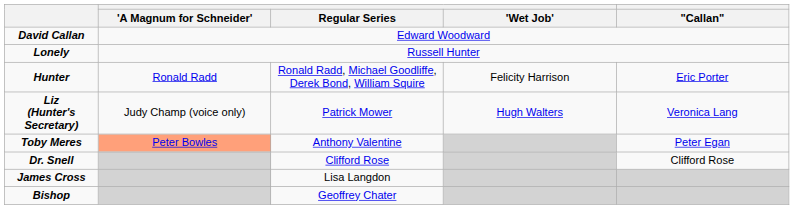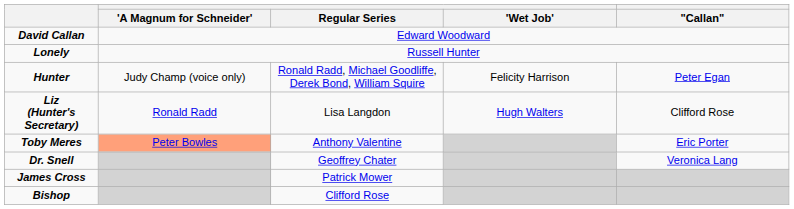 <table class="wikitable"  style="text-align:center; width:90%;">
 <tr>
 <th rowspan="2" width="12%"></th>
 <th colspan="3" align="center"></th>
 <th colspan="2" align="center"></th>
 </tr>
 <tr>
 <th align="center" width="22%">'A Magnum for Schneider'</th>
 <th align="center" width="22%">Regular Series</th>
 <th align="center" width="22%">'Wet Job'</th>
 <th align="center" width="22%">"Callan"</th>
 </tr>
 <tr>
 <td><strong><em>David Callan</em></strong></td>
 <td colspan="4"><a href='#'>Edward Woodward</a></td>
 </tr>
 <tr>
 <td><strong><em>Lonely</em></strong></td>
 <td colspan="4"><a href='#'>Russell Hunter</a></td>
 </tr>
 <tr>
 <td><strong><em>Hunter</em></strong></td>
-<td><a href='#'>Ronald Radd</a></td>
+<td>Judy Champ (voice only) </td>
 <td><a href='#'>Ronald Radd</a>, <a href='#'>Michael Goodliffe</a>, <a href='#'>Derek Bond</a>, <a href='#'>William Squire</a></td>
 <td>Felicity Harrison</td>
-<td><a href='#'>Eric Porter</a></td>
+<td><a href='#'>Peter Egan</a></td>
 </tr>
 <tr>
 <td><strong><em>Liz<br>(Hunter's Secretary)</em></strong></td>
-<td>Judy Champ (voice only) </td>
-<td><a href='#'>Patrick Mower</a></td>
+<td><a href='#'>Ronald Radd</a></td>
+<td>Lisa Langdon</td>
 <td><a href='#'>Hugh Walters</a></td>
-<td><a href='#'>Veronica Lang</a></td>
+<td>Clifford Rose</td>
 </tr>
 <tr>
 <td><strong><em>Toby Meres</em></strong></td>
 <td style="background: lightsalmon;"><a href='#'>Peter Bowles</a></td>
 <td><a href='#'>Anthony Valentine</a></td>
 <td style="background:lightgrey;"> </td>
-<td><a href='#'>Peter Egan</a></td>
+<td><a href='#'>Eric Porter</a></td>
 </tr>
 <tr>
 <td><strong><em>Dr. Snell</em></strong></td>
 <td style="background:lightgrey;"> </td>
-<td><a href='#'>Clifford Rose</a></td>
+<td><a href='#'>Geoffrey Chater</a></td>
 <td style="background:lightgrey;"> </td>
-<td>Clifford Rose</td>
+<td><a href='#'>Veronica Lang</a></td>
 </tr>
 <tr>
 <td><strong><em>James Cross</em></strong></td>
 <td style="background:lightgrey;"> </td>
-<td>Lisa Langdon</td>
+<td><a href='#'>Patrick Mower</a></td>
 <td style="background:lightgrey;"> </td>
 <td style="background:lightgrey;"> </td>
 </tr>
 <tr>
 <td><strong><em>Bishop</em></strong></td>
 <td style="background:lightgrey;"> </td>
-<td><a href='#'>Geoffrey Chater</a></td>
+<td><a href='#'>Clifford Rose</a></td>
 <td style="background:lightgrey;"> </td>
 <td style="background:lightgrey;"> </td>
 </tr>
 </table>
